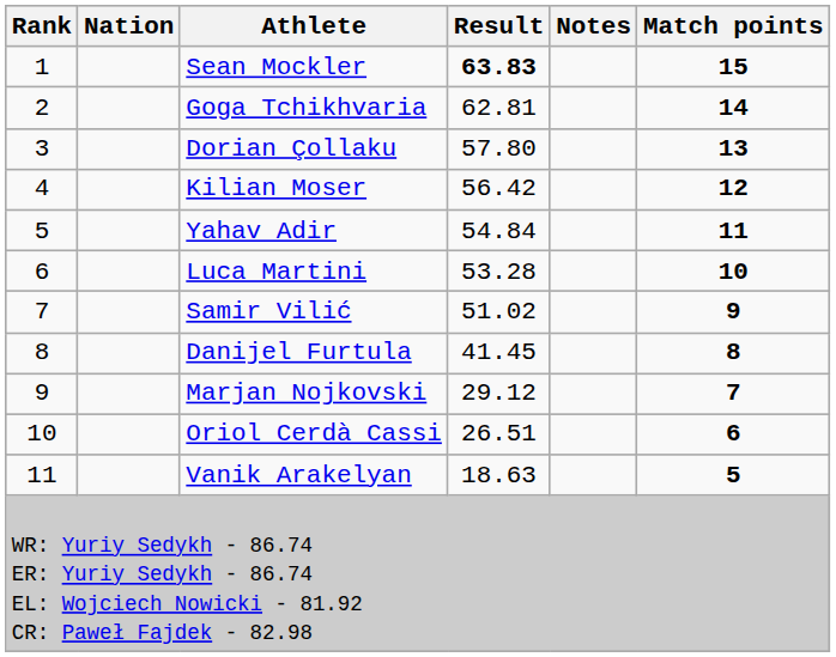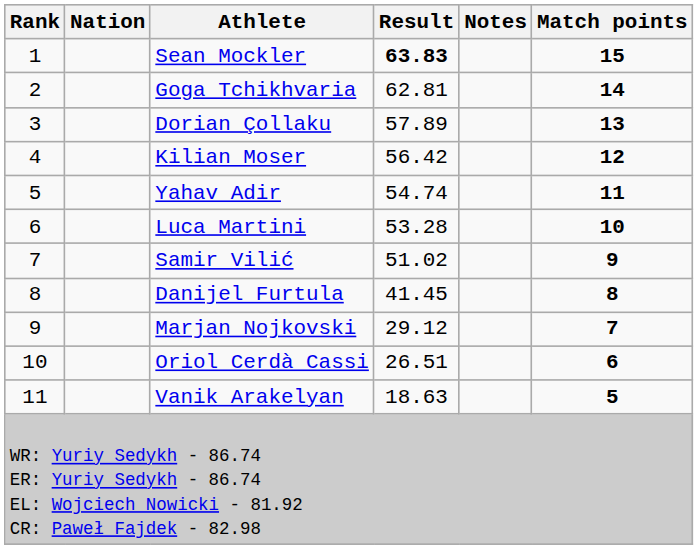 <table class="wikitable sortable" style="text-align:left;">
 <tr>
 <th>Rank</th>
 <th>Nation</th>
 <th>Athlete</th>
 <th>Result</th>
 <th>Notes</th>
 <th>Match points</th>
 </tr>
 <tr>
 <td align=center>1</td>
 <td></td>
 <td><a href='#'>Sean Mockler</a></td>
 <td align=center><strong>63.83</strong></td>
 <td></td>
 <td align=center><strong>15</strong></td>
 </tr>
 <tr>
 <td align=center>2</td>
 <td></td>
 <td><a href='#'>Goga Tchikhvaria</a></td>
 <td align=center>62.81</td>
 <td align=center></td>
 <td align=center><strong>14</strong></td>
 </tr>
 <tr>
 <td align=center>3</td>
 <td></td>
 <td><a href='#'>Dorian Çollaku</a></td>
-<td align=center>57.80</td>
+<td align=center>57.89</td>
 <td align=center></td>
 <td align=center><strong>13</strong></td>
 </tr>
 <tr>
 <td align=center>4</td>
 <td></td>
 <td><a href='#'>Kilian Moser</a></td>
 <td align=center>56.42</td>
 <td></td>
 <td align=center><strong>12</strong></td>
 </tr>
 <tr>
 <td align=center>5</td>
 <td></td>
 <td><a href='#'>Yahav Adir</a></td>
-<td align=center>54.84</td>
+<td align=center>54.74</td>
 <td align=center></td>
 <td align=center><strong>11</strong></td>
 </tr>
 <tr>
 <td align=center>6</td>
 <td></td>
 <td><a href='#'>Luca Martini</a></td>
 <td align=center>53.28</td>
 <td align=center></td>
 <td align=center><strong>10</strong></td>
 </tr>
 <tr>
 <td align=center>7</td>
 <td></td>
 <td><a href='#'>Samir Vilić</a></td>
 <td align=center>51.02</td>
 <td align=center></td>
 <td align=center><strong>9</strong></td>
 </tr>
 <tr>
 <td align=center>8</td>
 <td></td>
 <td><a href='#'>Danijel Furtula</a></td>
 <td align=center>41.45</td>
 <td align=center></td>
 <td align=center><strong>8</strong></td>
 </tr>
 <tr>
 <td align=center>9</td>
 <td></td>
 <td><a href='#'>Marjan Nojkovski</a></td>
 <td align=center>29.12</td>
 <td align=center></td>
 <td align=center><strong>7</strong></td>
 </tr>
 <tr>
 <td align=center>10</td>
 <td></td>
 <td><a href='#'>Oriol Cerdà Cassi</a></td>
 <td align=center>26.51</td>
 <td align=center></td>
 <td align=center><strong>6</strong></td>
 </tr>
 <tr>
 <td align=center>11</td>
 <td></td>
 <td><a href='#'>Vanik Arakelyan</a></td>
 <td align=center>18.63</td>
 <td align=center></td>
 <td align=center><strong>5</strong></td>
 </tr>
 <tr>
 <td colspan="6" bgcolor="#cccccc"><br> <small>WR:   <a href='#'>Yuriy Sedykh</a> - 86.74<br>ER:  <a href='#'>Yuriy Sedykh</a> - 86.74<br></small> <small>EL:   <a href='#'>Wojciech Nowicki</a> - 81.92<br>CR:  <a href='#'>Paweł Fajdek</a> - 82.98</small></td>
 </tr>
 </table>
